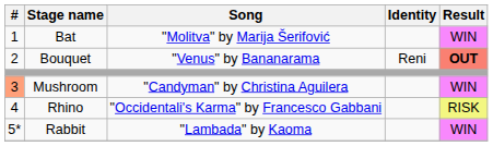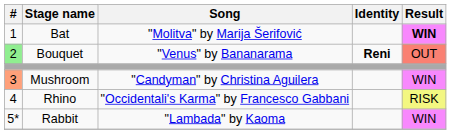 <table class="wikitable plainrowheaders" style="text-align: center;">
 <tr>
 <th>#</th>
 <th>Stage name</th>
 <th>Song</th>
 <th>Identity</th>
 <th>Result</th>
 </tr>
 <tr>
 <td>1</td>
 <td>Bat</td>
 <td>"<a href='#'>Molitva</a>" by <a href='#'>Marija Šerifović</a></td>
 <td></td>
-<td bgcolor="#F888FD">WIN</td>
+<td bgcolor="#F888FD"><strong>WIN</strong></td>
 </tr>
 <tr>
-<td>2</td>
+<td style="background: lightgreen;">2</td>
 <td>Bouquet</td>
 <td>"<a href='#'>Venus</a>" by <a href='#'>Bananarama</a></td>
-<td>Reni</td>
-<td bgcolor=salmon><strong>OUT</strong></td>
+<td><strong>Reni</strong></td>
+<td bgcolor=salmon>OUT</td>
 </tr>
 <tr>
 <td colspan="5" style="background:darkgray"></td>
 </tr>
 <tr>
 <td style="background: lightsalmon;">3</td>
 <td>Mushroom</td>
 <td>"<a href='#'>Candyman</a>" by <a href='#'>Christina Aguilera</a></td>
 <td></td>
 <td bgcolor="#F888FD">WIN</td>
 </tr>
 <tr>
 <td>4</td>
 <td>Rhino</td>
 <td>"<a href='#'>Occidentali's Karma</a>" by <a href='#'>Francesco Gabbani</a></td>
 <td></td>
 <td bgcolor="#F3F781">RISK</td>
 </tr>
 <tr>
 <td>5*</td>
 <td>Rabbit</td>
 <td>"<a href='#'>Lambada</a>" by <a href='#'>Kaoma</a></td>
 <td></td>
 <td bgcolor="#F888FD">WIN</td>
 </tr>
 <tr>
 </tr>
 </table>
